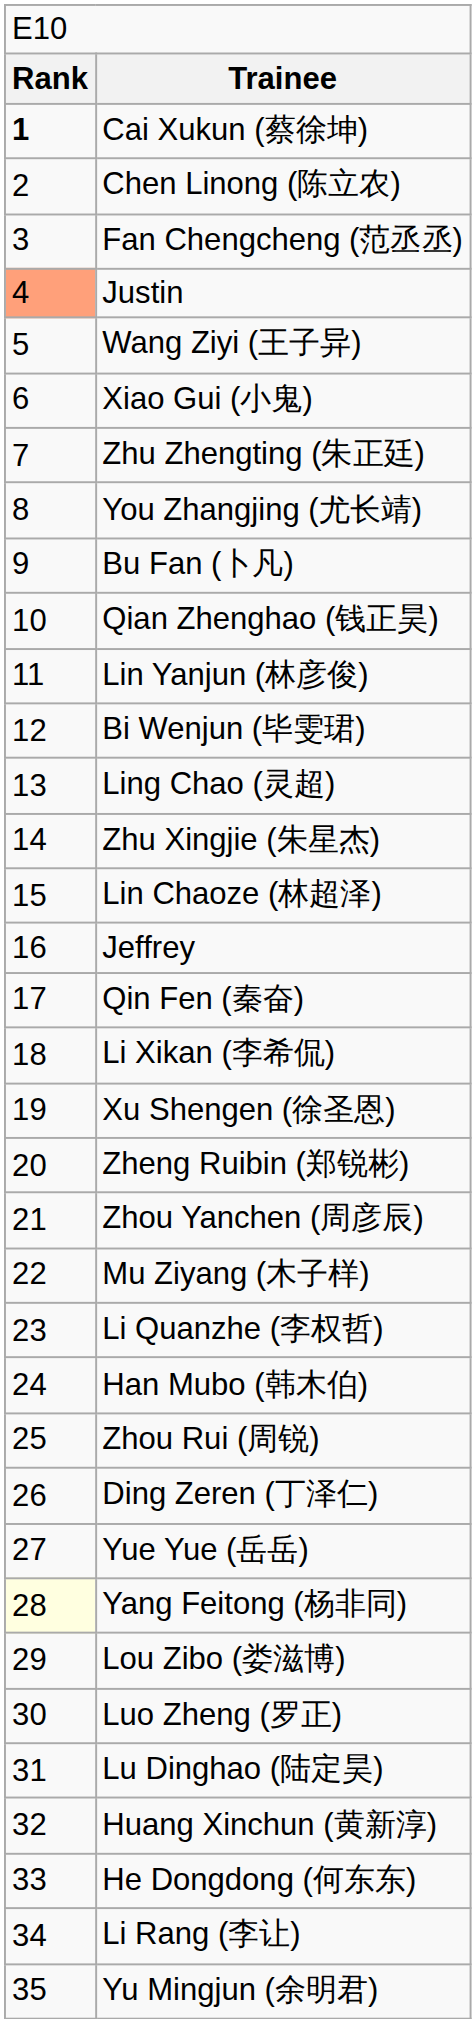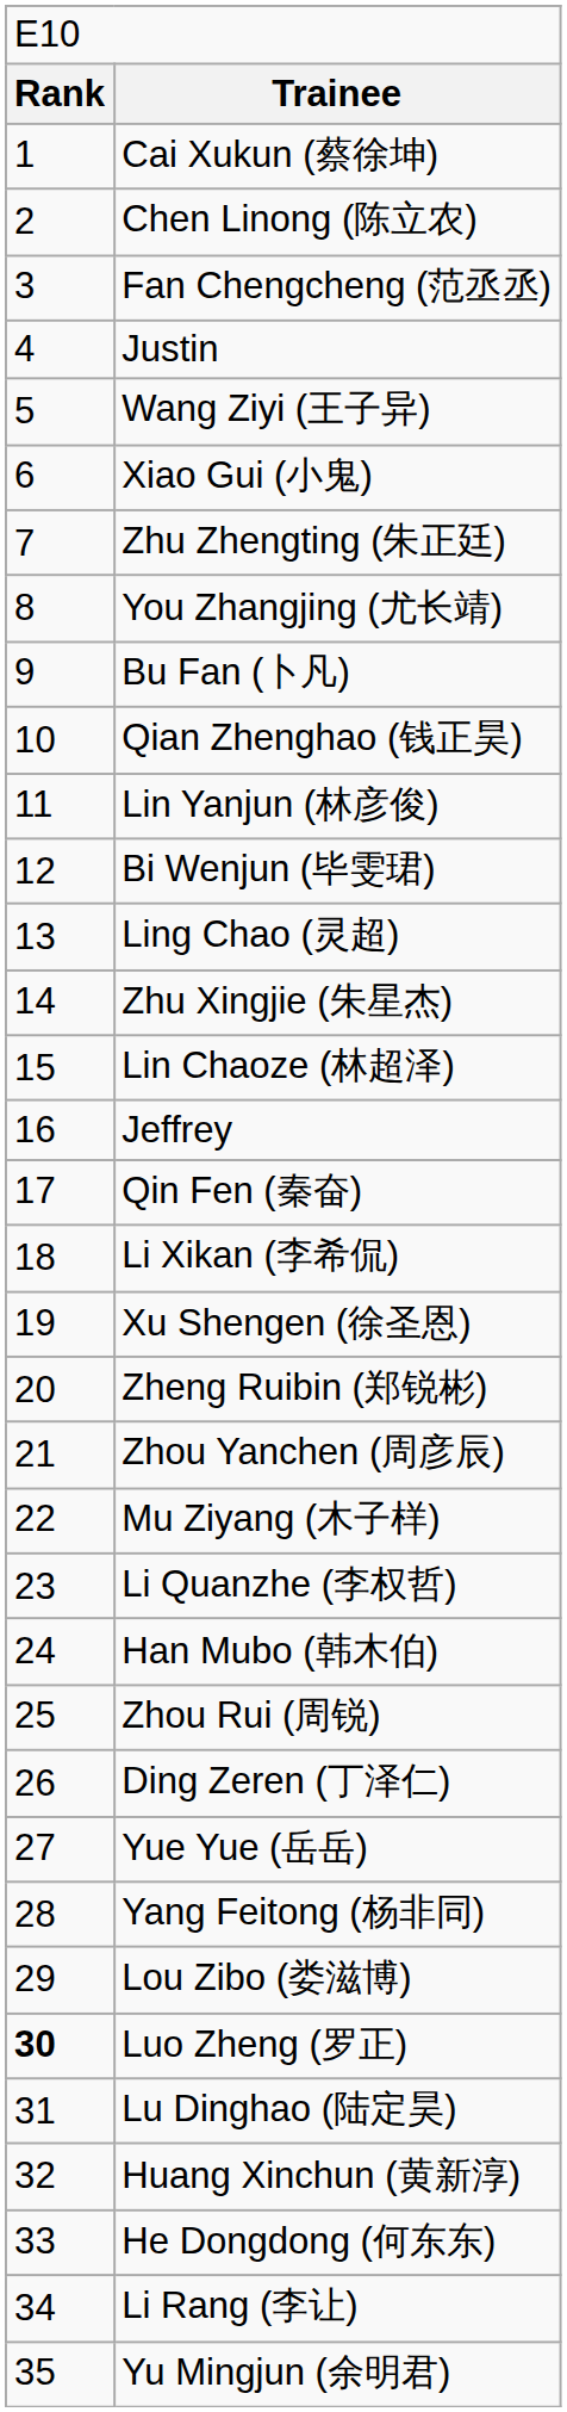 <table class="wikitable mw-collapsible">
 <tr>
 <td colspan="2">E10</td>
 </tr>
 <tr>
 <th>Rank</th>
 <th>Trainee</th>
 </tr>
 <tr>
-<td><strong>1</strong></td>
+<td>1</td>
 <td>Cai Xukun (蔡徐坤)</td>
 </tr>
 <tr>
 <td>2</td>
 <td>Chen Linong (陈立农)</td>
 </tr>
 <tr>
 <td>3</td>
 <td>Fan Chengcheng (范丞丞)</td>
 </tr>
 <tr>
-<td style="background: lightsalmon;">4</td>
+<td>4</td>
 <td>Justin</td>
 </tr>
 <tr>
 <td>5</td>
 <td>Wang Ziyi (王子异)</td>
 </tr>
 <tr>
 <td>6</td>
 <td>Xiao Gui (小鬼)</td>
 </tr>
 <tr>
 <td>7</td>
 <td>Zhu Zhengting (朱正廷)</td>
 </tr>
 <tr>
 <td>8</td>
 <td>You Zhangjing (尤长靖)</td>
 </tr>
 <tr>
 <td>9</td>
 <td>Bu Fan (卜凡)</td>
 </tr>
 <tr>
 <td>10</td>
 <td>Qian Zhenghao (钱正昊)</td>
 </tr>
 <tr>
 <td>11</td>
 <td>Lin Yanjun (林彦俊)</td>
 </tr>
 <tr>
 <td>12</td>
 <td>Bi Wenjun (毕雯珺)</td>
 </tr>
 <tr>
 <td>13</td>
 <td>Ling Chao (灵超)</td>
 </tr>
 <tr>
 <td>14</td>
 <td>Zhu Xingjie (朱星杰)</td>
 </tr>
 <tr>
 <td>15</td>
 <td>Lin Chaoze (林超泽)</td>
 </tr>
 <tr>
 <td>16</td>
 <td>Jeffrey</td>
 </tr>
 <tr>
 <td>17</td>
 <td>Qin Fen (秦奋)</td>
 </tr>
 <tr>
 <td>18</td>
 <td>Li Xikan (李希侃)</td>
 </tr>
 <tr>
 <td>19</td>
 <td>Xu Shengen (徐圣恩)</td>
 </tr>
 <tr>
 <td>20</td>
 <td>Zheng Ruibin (郑锐彬)</td>
 </tr>
 <tr>
 <td>21</td>
 <td>Zhou Yanchen (周彦辰)</td>
 </tr>
 <tr>
 <td>22</td>
 <td>Mu Ziyang (木子样)</td>
 </tr>
 <tr>
 <td>23</td>
 <td>Li Quanzhe (李权哲)</td>
 </tr>
 <tr>
 <td>24</td>
 <td>Han Mubo (韩木伯)</td>
 </tr>
 <tr>
 <td>25</td>
 <td>Zhou Rui (周锐)</td>
 </tr>
 <tr>
 <td>26</td>
 <td>Ding Zeren (丁泽仁)</td>
 </tr>
 <tr>
 <td>27</td>
 <td>Yue Yue (岳岳)</td>
 </tr>
 <tr>
-<td style="background: lightyellow;">28</td>
+<td>28</td>
 <td>Yang Feitong (杨非同)</td>
 </tr>
 <tr>
 <td>29</td>
 <td>Lou Zibo (娄滋博)</td>
 </tr>
 <tr>
-<td>30</td>
+<td><strong>30</strong></td>
 <td>Luo Zheng (罗正)</td>
 </tr>
 <tr>
 <td>31</td>
 <td>Lu Dinghao (陆定昊)</td>
 </tr>
 <tr>
 <td>32</td>
 <td>Huang Xinchun (黄新淳)</td>
 </tr>
 <tr>
 <td>33</td>
 <td>He Dongdong (何东东)</td>
 </tr>
 <tr>
 <td>34</td>
 <td>Li Rang (李让)</td>
 </tr>
 <tr>
 <td>35</td>
 <td>Yu Mingjun (余明君)</td>
 </tr>
 </table>
